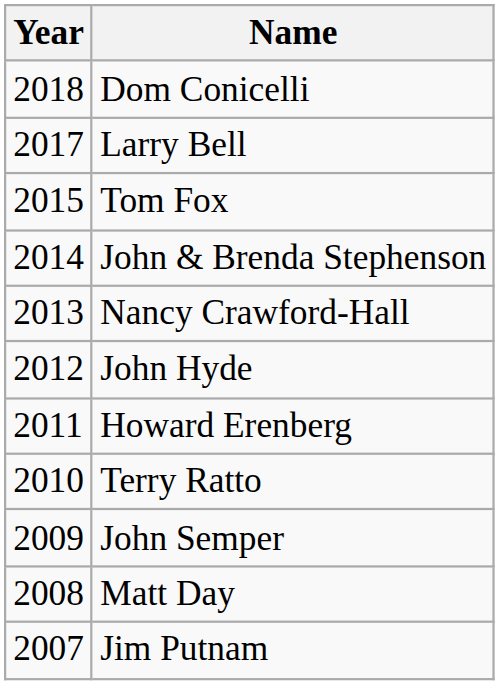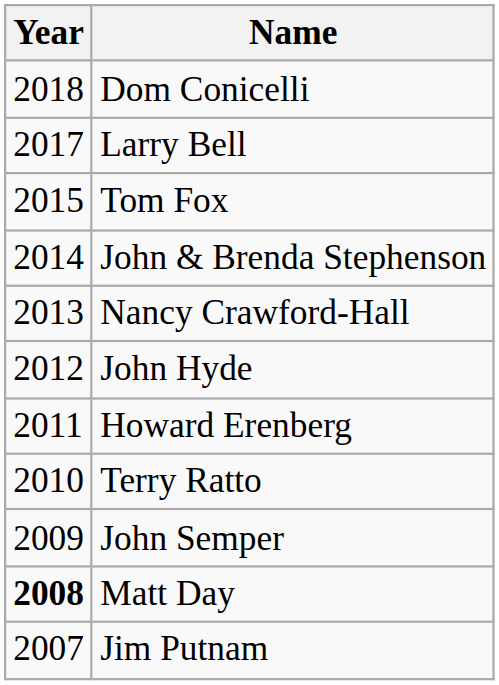 <table class="wikitable">
 <tr>
 <th>Year</th>
 <th>Name</th>
 </tr>
 <tr>
 <td>2018</td>
 <td>Dom Conicelli</td>
 </tr>
 <tr>
 <td>2017</td>
 <td>Larry Bell</td>
 </tr>
 <tr>
 <td>2015</td>
 <td>Tom Fox</td>
 </tr>
 <tr>
 <td>2014</td>
 <td>John & Brenda Stephenson</td>
 </tr>
 <tr>
 <td>2013</td>
 <td>Nancy Crawford-Hall</td>
 </tr>
 <tr>
 <td>2012</td>
 <td>John Hyde</td>
 </tr>
 <tr>
 <td>2011</td>
 <td>Howard Erenberg</td>
 </tr>
 <tr>
 <td>2010</td>
 <td>Terry Ratto</td>
 </tr>
 <tr>
 <td>2009</td>
 <td>John Semper</td>
 </tr>
 <tr>
-<td>2008</td>
+<td><strong>2008</strong></td>
 <td>Matt Day</td>
 </tr>
 <tr>
 <td>2007</td>
 <td>Jim Putnam</td>
 </tr>
 </table>
